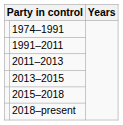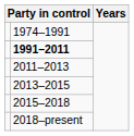 <table class="wikitable">
 <tr>
 <th colspan="2">Party in control</th>
 <th>Years</th>
 </tr>
 <tr>
 <td></td>
 <td>1974–1991</td>
 </tr>
 <tr>
 <td></td>
-<td>1991–2011</td>
+<td><strong>1991–2011</strong></td>
 </tr>
 <tr>
 <td></td>
 <td>2011–2013</td>
 </tr>
 <tr>
 <td></td>
 <td>2013–2015</td>
 </tr>
 <tr>
 <td></td>
 <td>2015–2018</td>
 </tr>
 <tr>
 <td></td>
 <td>2018–present</td>
 </tr>
 </table>
